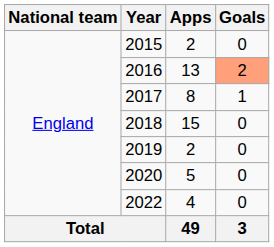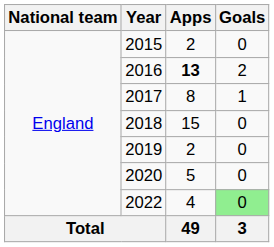 <table class="wikitable" style="text-align: center;">
 <tr>
 <th>National team</th>
 <th>Year</th>
 <th>Apps</th>
 <th>Goals</th>
 </tr>
 <tr>
 <td rowspan="7"><a href='#'>England</a></td>
 <td>2015</td>
 <td>2</td>
 <td>0</td>
 </tr>
 <tr>
 <td>2016</td>
-<td>13</td>
-<td style="background: lightsalmon;">2</td>
+<td><strong>13</strong></td>
+<td>2</td>
 </tr>
 <tr>
 <td>2017</td>
 <td>8</td>
 <td>1</td>
 </tr>
 <tr>
 <td>2018</td>
 <td>15</td>
 <td>0</td>
 </tr>
 <tr>
 <td>2019</td>
 <td>2</td>
 <td>0</td>
 </tr>
 <tr>
 <td>2020</td>
 <td>5</td>
 <td>0</td>
 </tr>
 <tr>
 <td>2022</td>
 <td>4</td>
-<td>0</td>
+<td style="background: lightgreen;">0</td>
 </tr>
 <tr>
 <th colspan="2">Total</th>
 <th>49</th>
 <th>3</th>
 </tr>
 </table>
